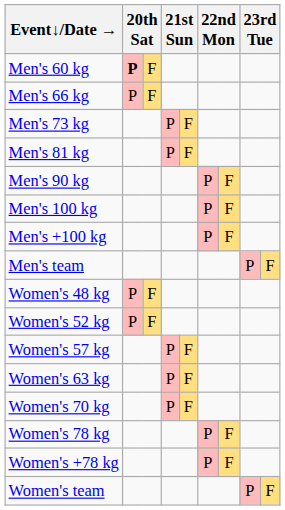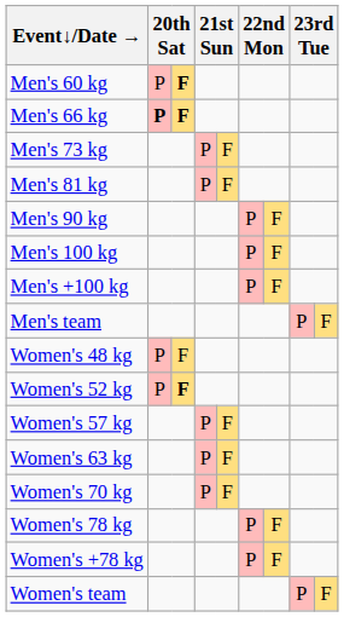 <table class="wikitable" style="margin:0.5em auto; font-size:90%; line-height:1.25em; text-align:center;">
 <tr>
 <th>Event↓/Date →</th>
 <th colspan=2>20th<br>Sat</th>
 <th colspan=2>21st<br>Sun</th>
 <th colspan=2>22nd<br>Mon</th>
 <th colspan=2>23rd<br>Tue</th>
 </tr>
 <tr>
 <td align="left"><a href='#'>Men's 60 kg</a></td>
-<td bgcolor="#FFBBBB"><strong>P</strong></td>
-<td bgcolor="#FFDF80">F</td>
+<td bgcolor="#FFBBBB">P</td>
+<td bgcolor="#FFDF80"><strong>F</strong></td>
 <td colspan=2></td>
 <td colspan=2></td>
 <td colspan=2></td>
 </tr>
 <tr>
 <td align="left"><a href='#'>Men's 66 kg</a></td>
-<td bgcolor="#FFBBBB">P</td>
-<td bgcolor="#FFDF80">F</td>
+<td bgcolor="#FFBBBB"><strong>P</strong></td>
+<td bgcolor="#FFDF80"><strong>F</strong></td>
 <td colspan=2></td>
 <td colspan=2></td>
 <td colspan=2></td>
 </tr>
 <tr>
 <td align="left"><a href='#'>Men's 73 kg</a></td>
 <td colspan=2></td>
 <td bgcolor="#FFBBBB">P</td>
 <td bgcolor="#FFDF80">F</td>
 <td colspan=2></td>
 <td colspan=2></td>
 </tr>
 <tr>
 <td align="left"><a href='#'>Men's 81 kg</a></td>
 <td colspan=2></td>
 <td bgcolor="#FFBBBB">P</td>
 <td bgcolor="#FFDF80">F</td>
 <td colspan=2></td>
 <td colspan=2></td>
 </tr>
 <tr>
 <td align="left"><a href='#'>Men's 90 kg</a></td>
 <td colspan=2></td>
 <td colspan=2></td>
 <td bgcolor="#FFBBBB">P</td>
 <td bgcolor="#FFDF80">F</td>
 <td colspan=2></td>
 </tr>
 <tr>
 <td align="left"><a href='#'>Men's 100 kg</a></td>
 <td colspan=2></td>
 <td colspan=2></td>
 <td bgcolor="#FFBBBB">P</td>
 <td bgcolor="#FFDF80">F</td>
 <td colspan=2></td>
 </tr>
 <tr>
 <td align="left"><a href='#'>Men's +100 kg</a></td>
 <td colspan=2></td>
 <td colspan=2></td>
 <td bgcolor="#FFBBBB">P</td>
 <td bgcolor="#FFDF80">F</td>
 <td colspan=2></td>
 </tr>
 <tr>
 <td align="left"><a href='#'>Men's team</a></td>
 <td colspan=2></td>
 <td colspan=2></td>
 <td colspan=2></td>
 <td bgcolor="#FFBBBB">P</td>
 <td bgcolor="#FFDF80">F</td>
 </tr>
 <tr>
 <td align="left"><a href='#'>Women's 48 kg</a></td>
 <td bgcolor="#FFBBBB">P</td>
 <td bgcolor="#FFDF80">F</td>
 <td colspan=2></td>
 <td colspan=2></td>
 <td colspan=2></td>
 </tr>
 <tr>
 <td align="left"><a href='#'>Women's 52 kg</a></td>
 <td bgcolor="#FFBBBB">P</td>
-<td bgcolor="#FFDF80">F</td>
+<td bgcolor="#FFDF80"><strong>F</strong></td>
 <td colspan=2></td>
 <td colspan=2></td>
 <td colspan=2></td>
 </tr>
 <tr>
 <td align="left"><a href='#'>Women's 57 kg</a></td>
 <td colspan=2></td>
 <td bgcolor="#FFBBBB">P</td>
 <td bgcolor="#FFDF80">F</td>
 <td colspan=2></td>
 <td colspan=2></td>
 </tr>
 <tr>
 <td align="left"><a href='#'>Women's 63 kg</a></td>
 <td colspan=2></td>
 <td bgcolor="#FFBBBB">P</td>
 <td bgcolor="#FFDF80">F</td>
 <td colspan=2></td>
 <td colspan=2></td>
 </tr>
 <tr>
 <td align="left"><a href='#'>Women's 70 kg</a></td>
 <td colspan=2></td>
 <td bgcolor="#FFBBBB">P</td>
 <td bgcolor="#FFDF80">F</td>
 <td colspan=2></td>
 <td colspan=2></td>
 </tr>
 <tr>
 <td align="left"><a href='#'>Women's 78 kg</a></td>
 <td colspan=2></td>
 <td colspan=2></td>
 <td bgcolor="#FFBBBB">P</td>
 <td bgcolor="#FFDF80">F</td>
 <td colspan=2></td>
 </tr>
 <tr>
 <td align="left"><a href='#'>Women's +78 kg</a></td>
 <td colspan=2></td>
 <td colspan=2></td>
 <td bgcolor="#FFBBBB">P</td>
 <td bgcolor="#FFDF80">F</td>
 <td colspan=2></td>
 </tr>
 <tr>
 <td align="left"><a href='#'>Women's team</a></td>
 <td colspan=2></td>
 <td colspan=2></td>
 <td colspan=2></td>
 <td bgcolor="#FFBBBB">P</td>
 <td bgcolor="#FFDF80">F</td>
 </tr>
 </table>
